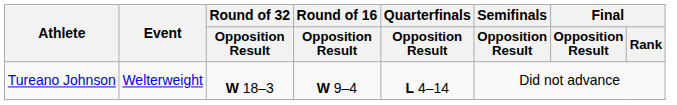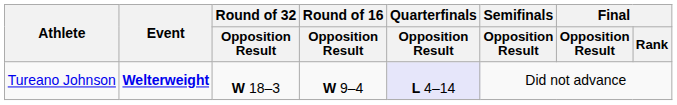 <table class="wikitable" style="font-size:90%">
 <tr>
 <th rowspan="2">Athlete</th>
 <th rowspan="2">Event</th>
 <th>Round of 32</th>
 <th>Round of 16</th>
 <th>Quarterfinals</th>
 <th>Semifinals</th>
 <th colspan=2>Final</th>
 </tr>
 <tr style="font-size:95%">
 <th>Opposition<br>Result</th>
 <th>Opposition<br>Result</th>
 <th>Opposition<br>Result</th>
 <th>Opposition<br>Result</th>
 <th>Opposition<br>Result</th>
 <th>Rank</th>
 </tr>
 <tr align=center>
 <td align=left><a href='#'>Tureano Johnson</a></td>
-<td align=left><a href='#'>Welterweight</a></td>
+<td align=left><strong><a href='#'>Welterweight</a></strong></td>
 <td><br><strong>W</strong> 18–3</td>
 <td><br><strong>W</strong> 9–4</td>
-<td><br><strong>L</strong> 4–14</td>
+<td style="background: lavender;"><br><strong>L</strong> 4–14</td>
 <td colspan=3>Did not advance</td>
 </tr>
 </table>
